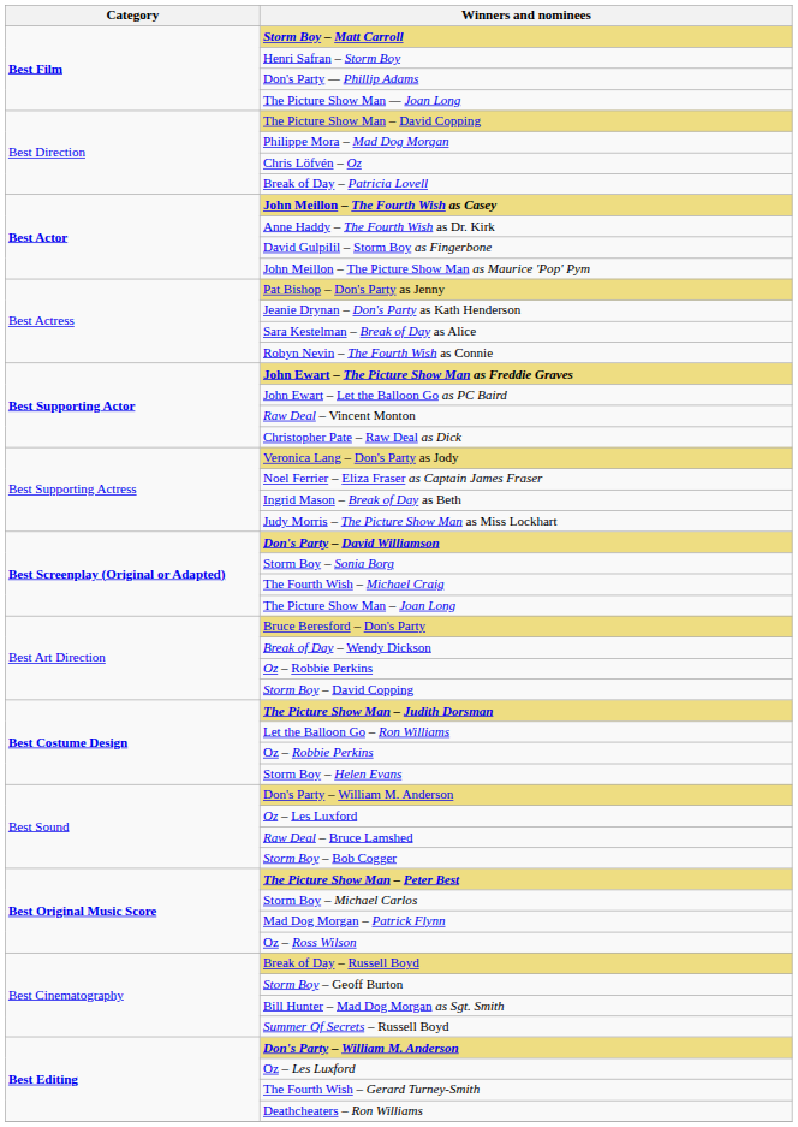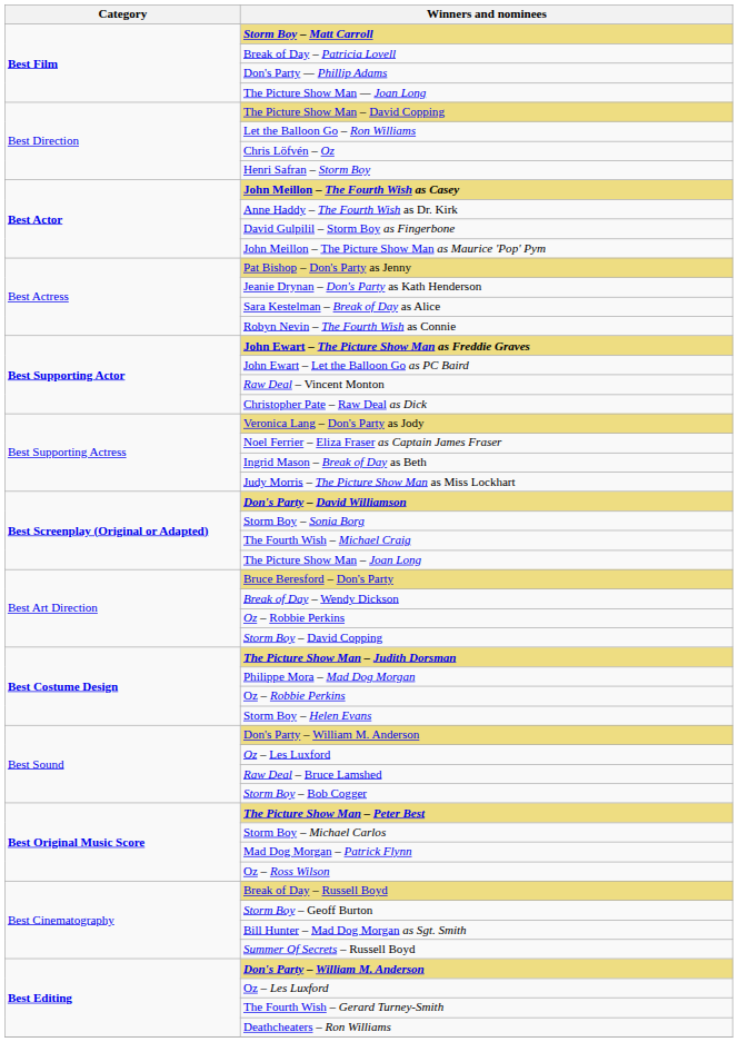 <table class="wikitable" width="60%" align="centre">
 <tr>
 <th width="300px">Category</th>
 <th>Winners and nominees</th>
 </tr>
 <tr>
 <td rowspan=4><strong><a href='#'>Best Film</a></strong></td>
 <td style="background:#EEDD82"><strong><em><a href='#'>Storm Boy</a><em> – <a href='#'>Matt Carroll</a><strong></td>
 </tr>
 <tr>
-<td><a href='#'>Henri Safran</a> – <em><a href='#'>Storm Boy</a></em></td>
+<td></em><a href='#'>Break of Day</a><em> – <a href='#'>Patricia Lovell</a></td>
 </tr>
 <tr>
 <td></em><a href='#'>Don's Party</a><em> — <a href='#'>Phillip Adams</a></td>
 </tr>
 <tr>
 <td></em><a href='#'>The Picture Show Man</a><em> — <a href='#'>Joan Long</a></td>
 </tr>
 <tr>
 <td rowspan=4></strong><a href='#'>Best Direction</a><strong></td>
 <td style="background:#EEDD82"></em></strong><a href='#'>The Picture Show Man</a></em> – <a href='#'>David Copping</a></strong></td>
 </tr>
 <tr>
-<td><a href='#'>Philippe Mora</a> – <em><a href='#'>Mad Dog Morgan</a></em></td>
+<td></em><a href='#'>Let the Balloon Go</a><em> – <a href='#'>Ron Williams</a></td>
 </tr>
 <tr>
 <td><a href='#'>Chris Löfvén</a> – <em><a href='#'>Oz</a></em></td>
 </tr>
 <tr>
-<td></em><a href='#'>Break of Day</a><em> – <a href='#'>Patricia Lovell</a></td>
+<td><a href='#'>Henri Safran</a> – <em><a href='#'>Storm Boy</a></em></td>
 </tr>
 <tr>
 <td rowspan=4><strong><a href='#'>Best Actor</a></strong></td>
 <td style="background:#EEDD82"><strong><a href='#'>John Meillon</a> – <em><a href='#'>The Fourth Wish</a><strong><em> as Casey</td>
 </tr>
 <tr>
 <td><a href='#'>Anne Haddy</a> – <em><a href='#'>The Fourth Wish</a></em> as Dr. Kirk</td>
 </tr>
 <tr>
 <td><a href='#'>David Gulpilil</a> – </em><a href='#'>Storm Boy</a><em> as Fingerbone</td>
 </tr>
 <tr>
 <td><a href='#'>John Meillon</a> – </em><a href='#'>The Picture Show Man</a><em> as Maurice 'Pop' Pym</td>
 </tr>
 <tr>
 <td rowspan=4></strong><a href='#'>Best Actress</a><strong></td>
 <td style="background:#EEDD82"></strong><a href='#'>Pat Bishop</a> – </em><a href='#'>Don's Party</a></em></strong> as Jenny</td>
 </tr>
 <tr>
 <td><a href='#'>Jeanie Drynan</a> – <em><a href='#'>Don's Party</a></em> as Kath Henderson</td>
 </tr>
 <tr>
 <td><a href='#'>Sara Kestelman</a> – <em><a href='#'>Break of Day</a></em> as Alice</td>
 </tr>
 <tr>
 <td><a href='#'>Robyn Nevin</a> – <em><a href='#'>The Fourth Wish</a></em> as Connie</td>
 </tr>
 <tr>
 <td rowspan=4><strong><a href='#'>Best Supporting Actor</a></strong></td>
 <td style="background:#EEDD82"><strong><a href='#'>John Ewart</a> – <em><a href='#'>The Picture Show Man</a><strong><em> as Freddie Graves</td>
 </tr>
 <tr>
 <td><a href='#'>John Ewart</a> – </em><a href='#'>Let the Balloon Go</a><em> as PC Baird</td>
 </tr>
 <tr>
 <td><a href='#'><em>Raw Deal</em></a> – Vincent Monton</td>
 </tr>
 <tr>
 <td><a href='#'>Christopher Pate</a> – </em><a href='#'>Raw Deal</a><em> as Dick</td>
 </tr>
 <tr>
 <td rowspan=4></strong><a href='#'>Best Supporting Actress</a><strong></td>
 <td style="background:#EEDD82"></strong><a href='#'>Veronica Lang</a> – </em><a href='#'>Don's Party</a></em></strong> as Jody</td>
 </tr>
 <tr>
 <td><a href='#'>Noel Ferrier</a> – </em><a href='#'>Eliza Fraser</a><em> as Captain James Fraser</td>
 </tr>
 <tr>
 <td><a href='#'>Ingrid Mason</a> – <em><a href='#'>Break of Day</a></em> as Beth</td>
 </tr>
 <tr>
 <td><a href='#'>Judy Morris</a> – <em><a href='#'>The Picture Show Man</a></em> as Miss Lockhart</td>
 </tr>
 <tr>
 <td rowspan=4><strong><a href='#'>Best Screenplay (Original or Adapted)</a></strong></td>
 <td style="background:#EEDD82"><strong><em><a href='#'>Don's Party</a><em> – <a href='#'>David Williamson</a><strong></td>
 </tr>
 <tr>
 <td></em><a href='#'>Storm Boy</a><em> – <a href='#'>Sonia Borg</a></td>
 </tr>
 <tr>
 <td></em><a href='#'>The Fourth Wish</a><em> – <a href='#'>Michael Craig</a></td>
 </tr>
 <tr>
 <td></em><a href='#'>The Picture Show Man</a><em> – <a href='#'>Joan Long</a></td>
 </tr>
 <tr>
 <td rowspan=4></strong><a href='#'>Best Art Direction</a><strong></td>
 <td style="background:#EEDD82"></strong><a href='#'>Bruce Beresford</a> – </em><a href='#'>Don's Party</a></em></strong></td>
 </tr>
 <tr>
 <td><em><a href='#'>Break of Day</a></em> – <a href='#'>Wendy Dickson</a></td>
 </tr>
 <tr>
 <td><em><a href='#'>Oz</a></em> – <a href='#'>Robbie Perkins</a></td>
 </tr>
 <tr>
 <td><em><a href='#'>Storm Boy</a></em> – <a href='#'>David Copping</a></td>
 </tr>
 <tr>
 <td rowspan=4><strong><a href='#'>Best Costume Design</a></strong></td>
 <td style="background:#EEDD82"><strong><em><a href='#'>The Picture Show Man</a><em> – <a href='#'>Judith Dorsman</a><strong></td>
 </tr>
 <tr>
-<td></em><a href='#'>Let the Balloon Go</a><em> – <a href='#'>Ron Williams</a></td>
+<td><a href='#'>Philippe Mora</a> – <em><a href='#'>Mad Dog Morgan</a></em></td>
 </tr>
 <tr>
 <td></em><a href='#'>Oz</a><em> – <a href='#'>Robbie Perkins</a></td>
 </tr>
 <tr>
 <td></em><a href='#'>Storm Boy</a><em> – <a href='#'>Helen Evans</a></td>
 </tr>
 <tr>
 <td rowspan=4></strong><a href='#'>Best Sound</a><strong></td>
 <td style="background:#EEDD82"><strong></em></strong><a href='#'>Don's Party</a></em> – <a href='#'>William M. Anderson</a></strong></strong></td>
 </tr>
 <tr>
 <td><em><a href='#'>Oz</a></em> – <a href='#'>Les Luxford</a></td>
 </tr>
 <tr>
 <td><em><a href='#'>Raw Deal</a></em> – <a href='#'>Bruce Lamshed</a></td>
 </tr>
 <tr>
 <td><em><a href='#'>Storm Boy</a></em> – <a href='#'>Bob Cogger</a></td>
 </tr>
 <tr>
 <td rowspan="4"><strong><a href='#'>Best Original Music Score</a></strong></td>
 <td style="background:#EEDD82"><strong><em><a href='#'>The Picture Show Man</a><em> – <a href='#'>Peter Best</a><strong></td>
 </tr>
 <tr>
 <td><a href='#'></em>Storm Boy<em></a> – Michael Carlos</td>
 </tr>
 <tr>
 <td></em><a href='#'>Mad Dog Morgan</a><em> – <a href='#'>Patrick Flynn</a></td>
 </tr>
 <tr>
 <td></em><a href='#'>Oz</a><em> – <a href='#'>Ross Wilson</a></td>
 </tr>
 <tr>
 <td rowspan="4"></strong><a href='#'>Best Cinematography</a><strong></td>
 <td style="background:#EEDD82"></em></strong><a href='#'>Break of Day</a></em> – <a href='#'>Russell Boyd</a></strong></td>
 </tr>
 <tr>
 <td><em><a href='#'>Storm Boy</a></em> – Geoff Burton</td>
 </tr>
 <tr>
 <td><a href='#'>Bill Hunter</a> – </em><a href='#'>Mad Dog Morgan</a><em> as Sgt. Smith</td>
 </tr>
 <tr>
 <td><a href='#'><em>Summer Of Secrets</em></a> – Russell Boyd</td>
 </tr>
 <tr>
 <td rowspan="4"><strong><a href='#'>Best Editing</a></strong></td>
 <td style="background:#EEDD82"><strong><em><a href='#'>Don's Party</a><em> – <a href='#'>William M. Anderson</a><strong></td>
 </tr>
 <tr>
 <td><a href='#'></em>Oz<em></a> – Les Luxford</td>
 </tr>
 <tr>
 <td></em><a href='#'>The Fourth Wish</a><em> – Gerard Turney-Smith</td>
 </tr>
 <tr>
 <td></em><a href='#'>Deathcheaters</a><em> – Ron Williams</td>
 </tr>
 <tr>
 </tr>
 </table>
